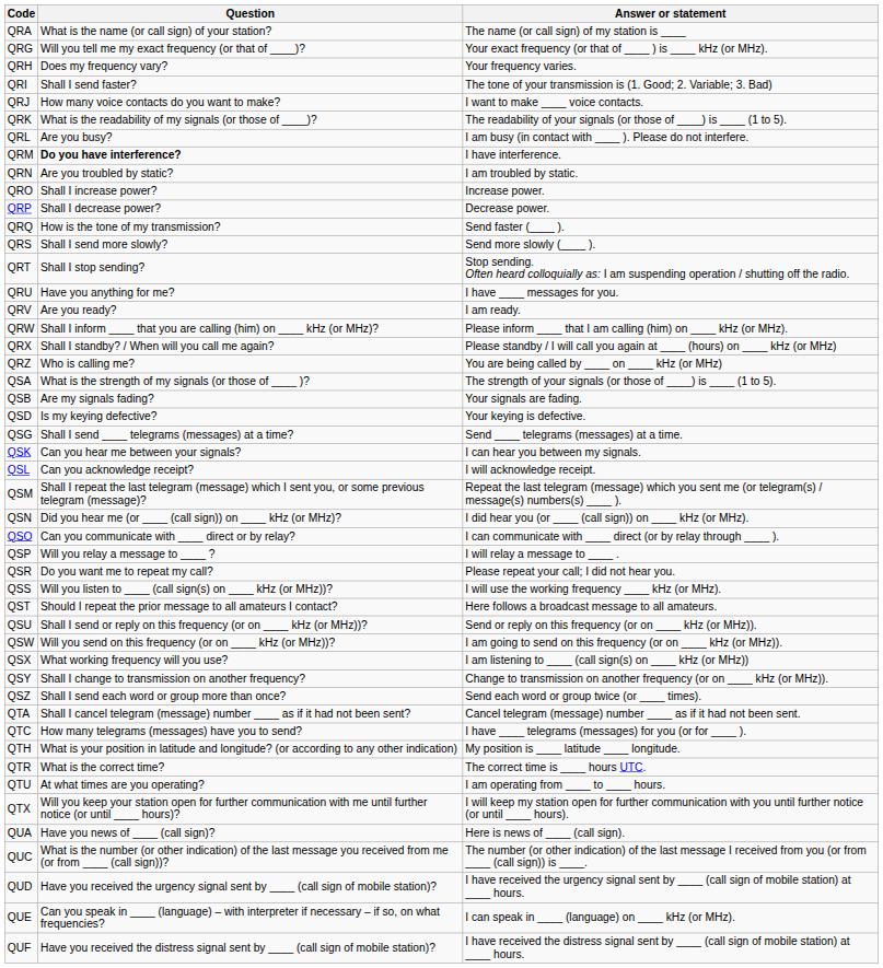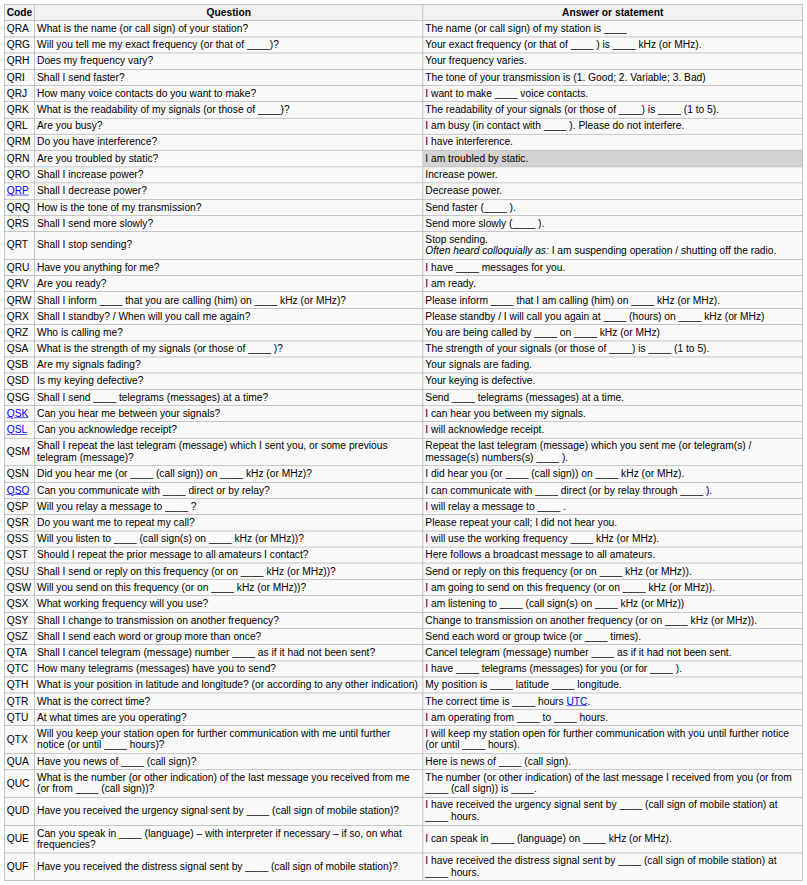 <table class="wikitable" summary="Most common Q-codes used in the amateur radio service">
 <tr>
 <th>Code</th>
 <th>Question</th>
 <th>Answer or statement</th>
 </tr>
 <tr>
 <td>QRA</td>
 <td>What is the name (or call sign) of your station?</td>
 <td>The name (or call sign) of my station is ____</td>
 </tr>
 <tr>
 <td>QRG</td>
 <td>Will you tell me my exact frequency (or that of ____)?</td>
 <td>Your exact frequency (or that of ____ ) is ____ kHz (or MHz).</td>
 </tr>
 <tr>
 <td>QRH</td>
 <td>Does my frequency vary?</td>
 <td>Your frequency varies.</td>
 </tr>
 <tr>
 <td>QRI</td>
 <td>Shall I send faster?</td>
 <td>The tone of your transmission is (1. Good; 2. Variable; 3. Bad)</td>
 </tr>
 <tr>
 <td>QRJ</td>
 <td>How many voice contacts do you want to make?</td>
 <td>I want to make ____ voice contacts.</td>
 </tr>
 <tr>
 <td>QRK</td>
 <td>What is the readability of my signals (or those of ____)?</td>
 <td>The readability of your signals (or those of ____) is ____ (1 to 5).</td>
 </tr>
 <tr>
 <td>QRL</td>
 <td>Are you busy?</td>
 <td>I am busy (in contact with ____ ). Please do not interfere.</td>
 </tr>
 <tr>
 <td>QRM</td>
-<td><strong>Do you have interference?</strong></td>
+<td>Do you have interference?</td>
 <td>I have interference.</td>
 </tr>
 <tr>
 <td>QRN</td>
 <td>Are you troubled by static?</td>
-<td>I am troubled by static.</td>
+<td style="background: lightgrey;">I am troubled by static.</td>
 </tr>
 <tr>
 <td>QRO</td>
 <td>Shall I increase power?</td>
 <td>Increase power.</td>
 </tr>
 <tr>
 <td><a href='#'>QRP</a></td>
 <td>Shall I decrease power?</td>
 <td>Decrease power.</td>
 </tr>
 <tr>
 <td>QRQ</td>
 <td>How is the tone of my transmission?</td>
 <td>Send faster (____ ).</td>
 </tr>
 <tr>
 <td>QRS</td>
 <td>Shall I send more slowly?</td>
 <td>Send more slowly (____ ).</td>
 </tr>
 <tr>
 <td>QRT</td>
 <td>Shall I stop sending?</td>
 <td>Stop sending.<br><em>Often heard colloquially as:</em> I am suspending operation / shutting off the radio.</td>
 </tr>
 <tr>
 <td>QRU</td>
 <td>Have you anything for me?</td>
 <td>I have ____ messages for you.</td>
 </tr>
 <tr>
 <td>QRV</td>
 <td>Are you ready?</td>
 <td>I am ready.</td>
 </tr>
 <tr>
 <td>QRW</td>
 <td>Shall I inform ____ that you are calling (him) on ____ kHz (or MHz)?</td>
 <td>Please inform ____ that I am calling (him) on ____ kHz (or MHz).</td>
 </tr>
 <tr>
 <td>QRX</td>
 <td>Shall I standby? / When will you call me again?</td>
 <td>Please standby / I will call you again at ____ (hours) on ____ kHz (or MHz)</td>
 </tr>
 <tr>
 <td>QRZ</td>
 <td>Who is calling me?</td>
 <td>You are being called by ____ on ____ kHz (or MHz)</td>
 </tr>
 <tr>
 <td>QSA</td>
 <td>What is the strength of my signals (or those of ____ )?</td>
 <td>The strength of your signals (or those of ____) is ____ (1 to 5).</td>
 </tr>
 <tr>
 <td>QSB</td>
 <td>Are my signals fading?</td>
 <td>Your signals are fading.</td>
 </tr>
 <tr>
 <td>QSD</td>
 <td>Is my keying defective?</td>
 <td>Your keying is defective.</td>
 </tr>
 <tr>
 <td>QSG</td>
 <td>Shall I send ____ telegrams (messages) at a time?</td>
 <td>Send ____ telegrams (messages) at a time.</td>
 </tr>
 <tr>
 <td><a href='#'>QSK</a></td>
 <td>Can you hear me between your signals?</td>
 <td>I can hear you between my signals.</td>
 </tr>
 <tr>
 <td><a href='#'>QSL</a></td>
 <td>Can you acknowledge receipt?</td>
 <td>I will acknowledge receipt.</td>
 </tr>
 <tr>
 <td>QSM</td>
 <td>Shall I repeat the last telegram (message) which I sent you, or some previous telegram (message)?</td>
 <td>Repeat the last telegram (message) which you sent me (or telegram(s) / message(s) numbers(s) ____ ).</td>
 </tr>
 <tr>
 <td>QSN</td>
 <td>Did you hear me (or ____ (call sign)) on ____ kHz (or MHz)?</td>
 <td>I did hear you (or ____ (call sign)) on ____ kHz (or MHz).</td>
 </tr>
 <tr>
 <td><a href='#'>QSO</a></td>
 <td>Can you communicate with ____ direct or by relay?</td>
 <td>I can communicate with ____ direct (or by relay through ____ ).</td>
 </tr>
 <tr>
 <td>QSP</td>
 <td>Will you relay a message to ____ ?</td>
 <td>I will relay a message to ____ .</td>
 </tr>
 <tr>
 <td>QSR</td>
 <td>Do you want me to repeat my call?</td>
 <td>Please repeat your call; I did not hear you.</td>
 </tr>
 <tr>
 <td>QSS</td>
 <td>Will you listen to ____ (call sign(s) on ____ kHz (or MHz))?</td>
 <td>I will use the working frequency ____ kHz (or MHz).</td>
 </tr>
 <tr>
 <td>QST</td>
 <td>Should I repeat the prior message to all amateurs I contact?</td>
 <td>Here follows a broadcast message to all amateurs.</td>
 </tr>
 <tr>
 <td>QSU</td>
 <td>Shall I send or reply on this frequency (or on ____ kHz (or MHz))?</td>
 <td>Send or reply on this frequency (or on ____ kHz (or MHz)).</td>
 </tr>
 <tr>
 <td>QSW</td>
 <td>Will you send on this frequency (or on ____ kHz (or MHz))?</td>
 <td>I am going to send on this frequency (or on ____ kHz (or MHz)).</td>
 </tr>
 <tr>
 <td>QSX</td>
 <td>What working frequency will you use?</td>
 <td>I am listening to ____ (call sign(s) on ____ kHz (or MHz))</td>
 </tr>
 <tr>
 <td>QSY</td>
 <td>Shall I change to transmission on another frequency?</td>
 <td>Change to transmission on another frequency (or on ____ kHz (or MHz)).</td>
 </tr>
 <tr>
 <td>QSZ</td>
 <td>Shall I send each word or group more than once?</td>
 <td>Send each word or group twice (or ____ times).</td>
 </tr>
 <tr>
 <td>QTA</td>
 <td>Shall I cancel telegram (message) number ____ as if it had not been sent?</td>
 <td>Cancel telegram (message) number ____ as if it had not been sent.</td>
 </tr>
 <tr>
 <td>QTC</td>
 <td>How many telegrams (messages) have you to send?</td>
 <td>I have ____ telegrams (messages) for you (or for ____ ).</td>
 </tr>
 <tr>
 <td>QTH</td>
 <td>What is your position in latitude and longitude? (or according to any other indication)</td>
 <td>My position is ____ latitude ____ longitude.</td>
 </tr>
 <tr>
 <td>QTR</td>
 <td>What is the correct time?</td>
 <td>The correct time is ____ hours <a href='#'>UTC</a>.</td>
 </tr>
 <tr>
 <td>QTU</td>
 <td>At what times are you operating?</td>
 <td>I am operating from ____ to ____ hours.</td>
 </tr>
 <tr>
 <td>QTX</td>
 <td>Will you keep your station open for further communication with me until further notice (or until ____ hours)?</td>
 <td>I will keep my station open for further communication with you until further notice (or until ____ hours).</td>
 </tr>
 <tr>
 <td>QUA</td>
 <td>Have you news of ____ (call sign)?</td>
 <td>Here is news of ____ (call sign).</td>
 </tr>
 <tr>
 <td>QUC</td>
 <td>What is the number (or other indication) of the last message you received from me (or from ____ (call sign))?</td>
 <td>The number (or other indication) of the last message I received from you (or from ____ (call sign)) is ____.</td>
 </tr>
 <tr>
 <td>QUD</td>
 <td>Have you received the urgency signal sent by ____ (call sign of mobile station)?</td>
 <td>I have received the urgency signal sent by ____ (call sign of mobile station) at ____ hours.</td>
 </tr>
 <tr>
 <td>QUE</td>
 <td>Can you speak in ____ (language) – with interpreter if necessary – if so, on what frequencies?</td>
 <td>I can speak in ____ (language) on ____ kHz (or MHz).</td>
 </tr>
 <tr>
 <td>QUF</td>
 <td>Have you received the distress signal sent by ____ (call sign of mobile station)?</td>
 <td>I have received the distress signal sent by ____ (call sign of mobile station) at ____ hours.</td>
 </tr>
 </table>
